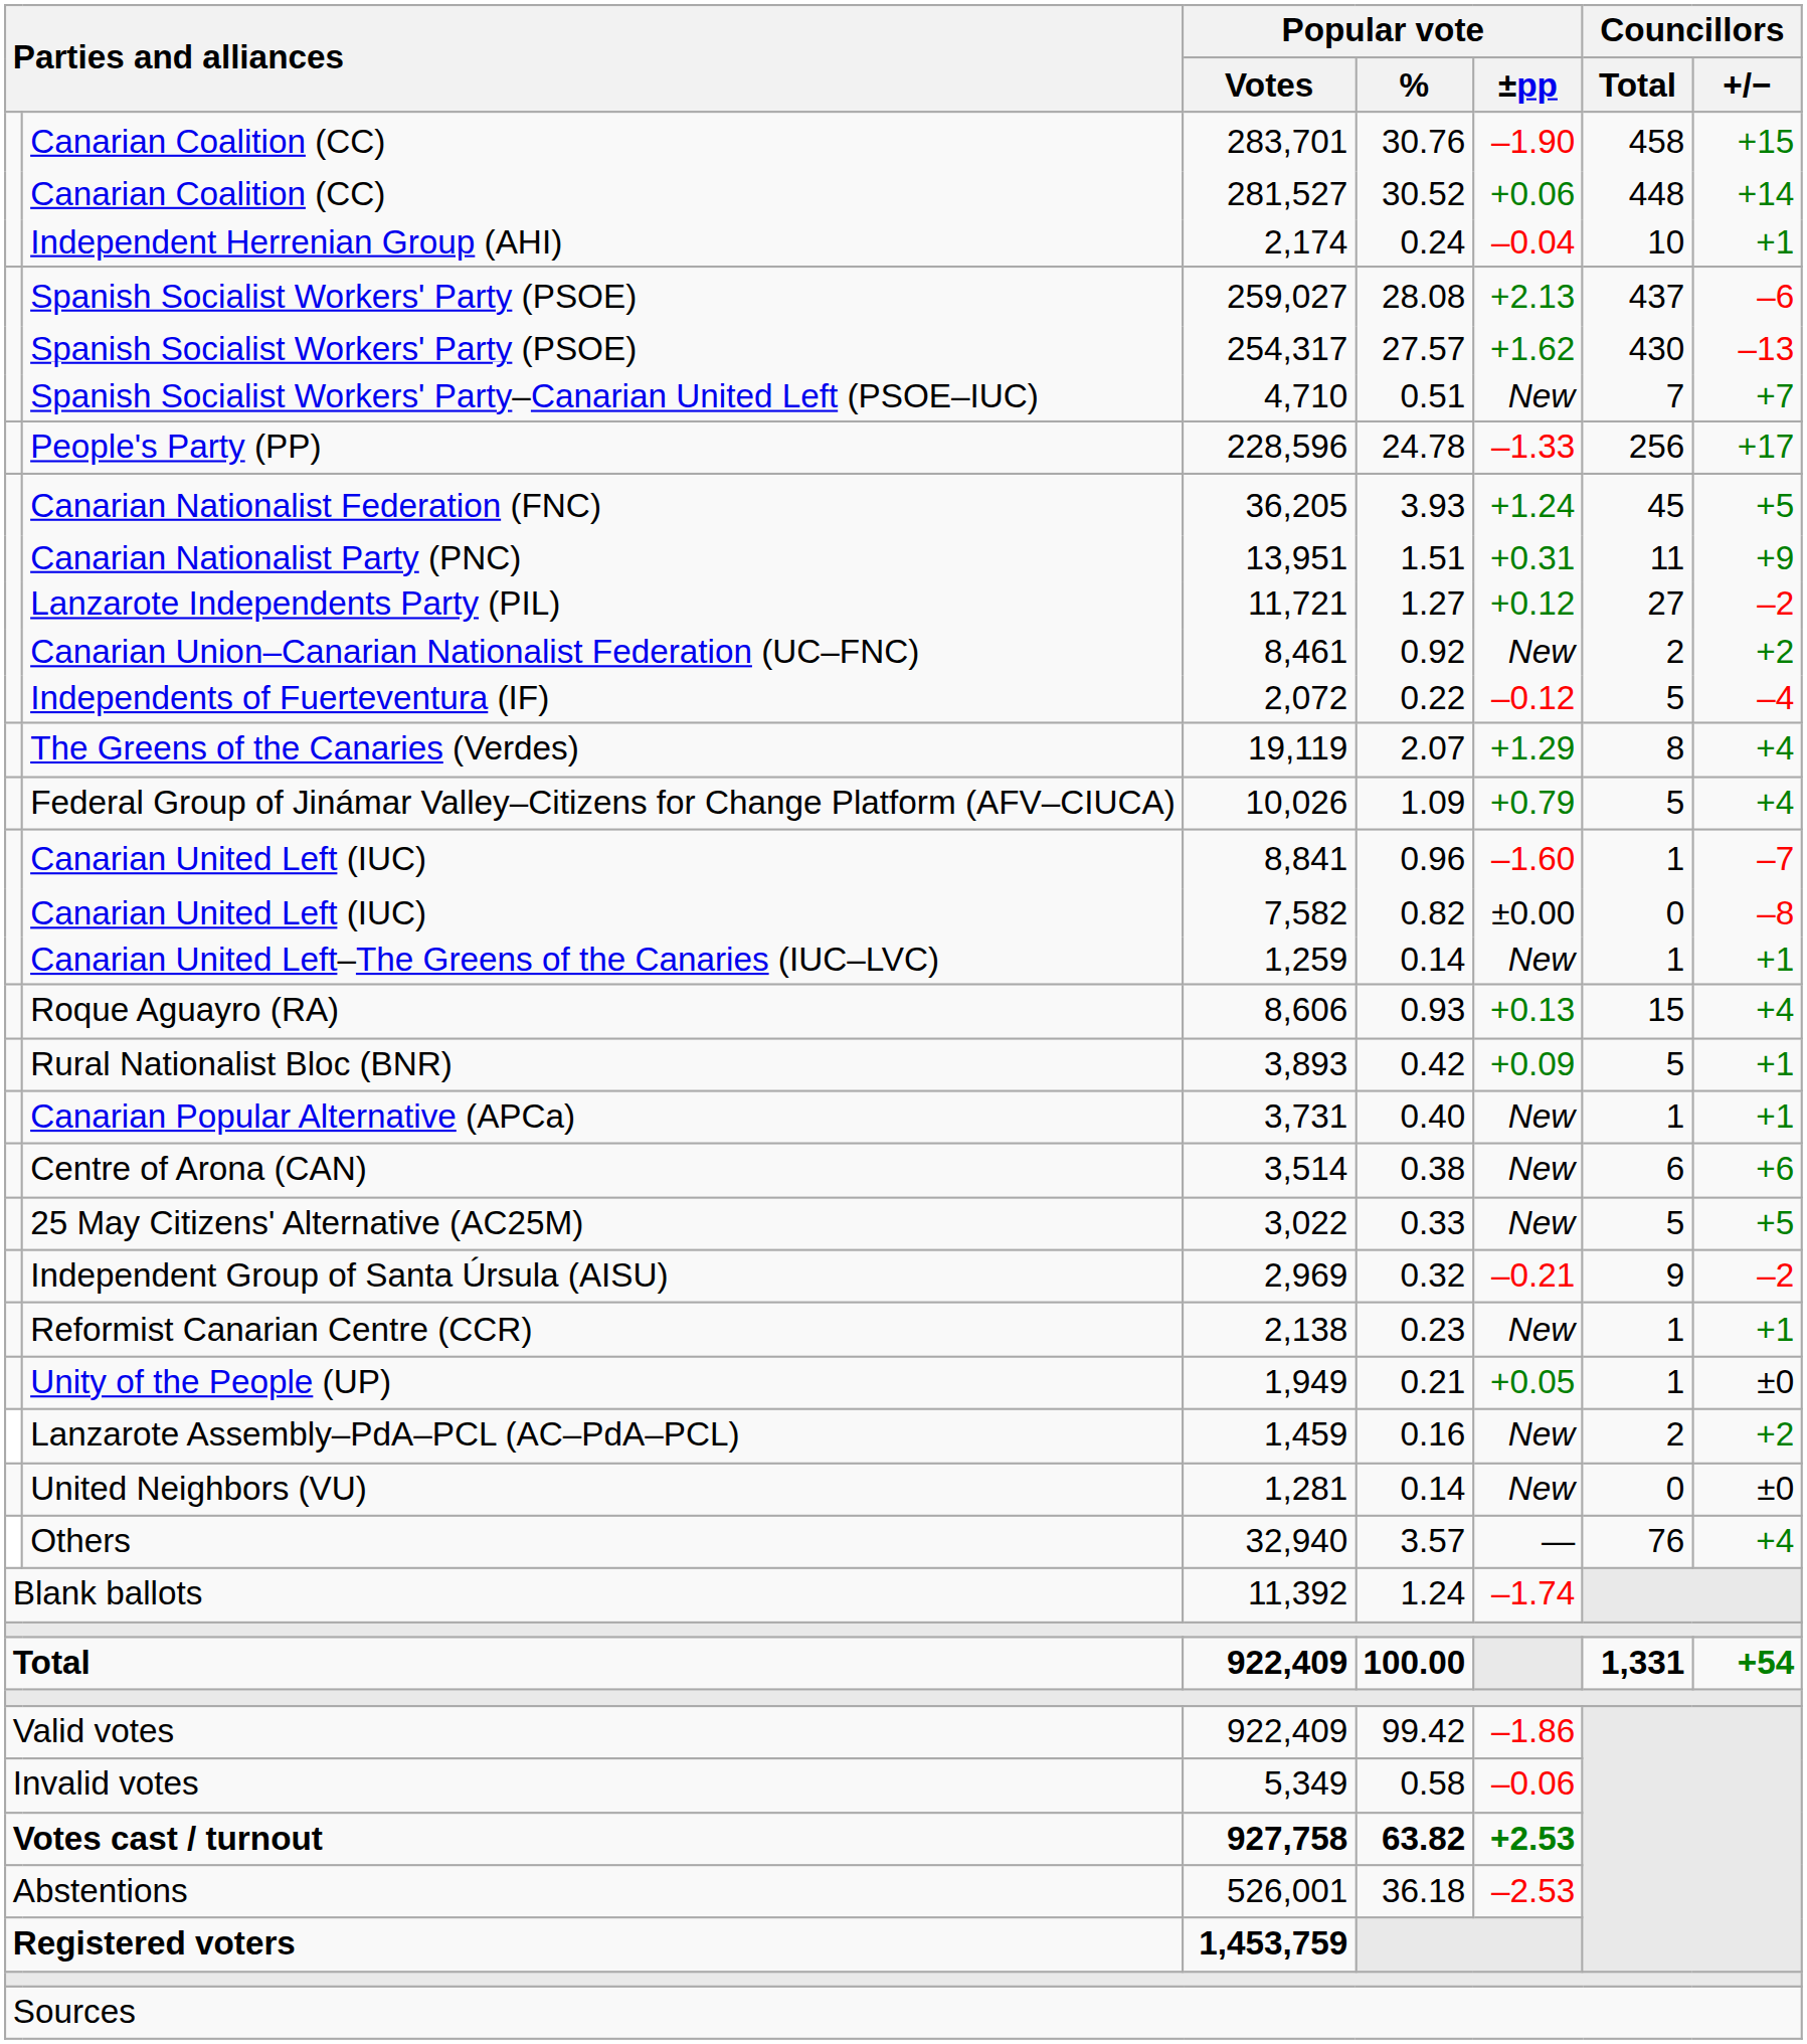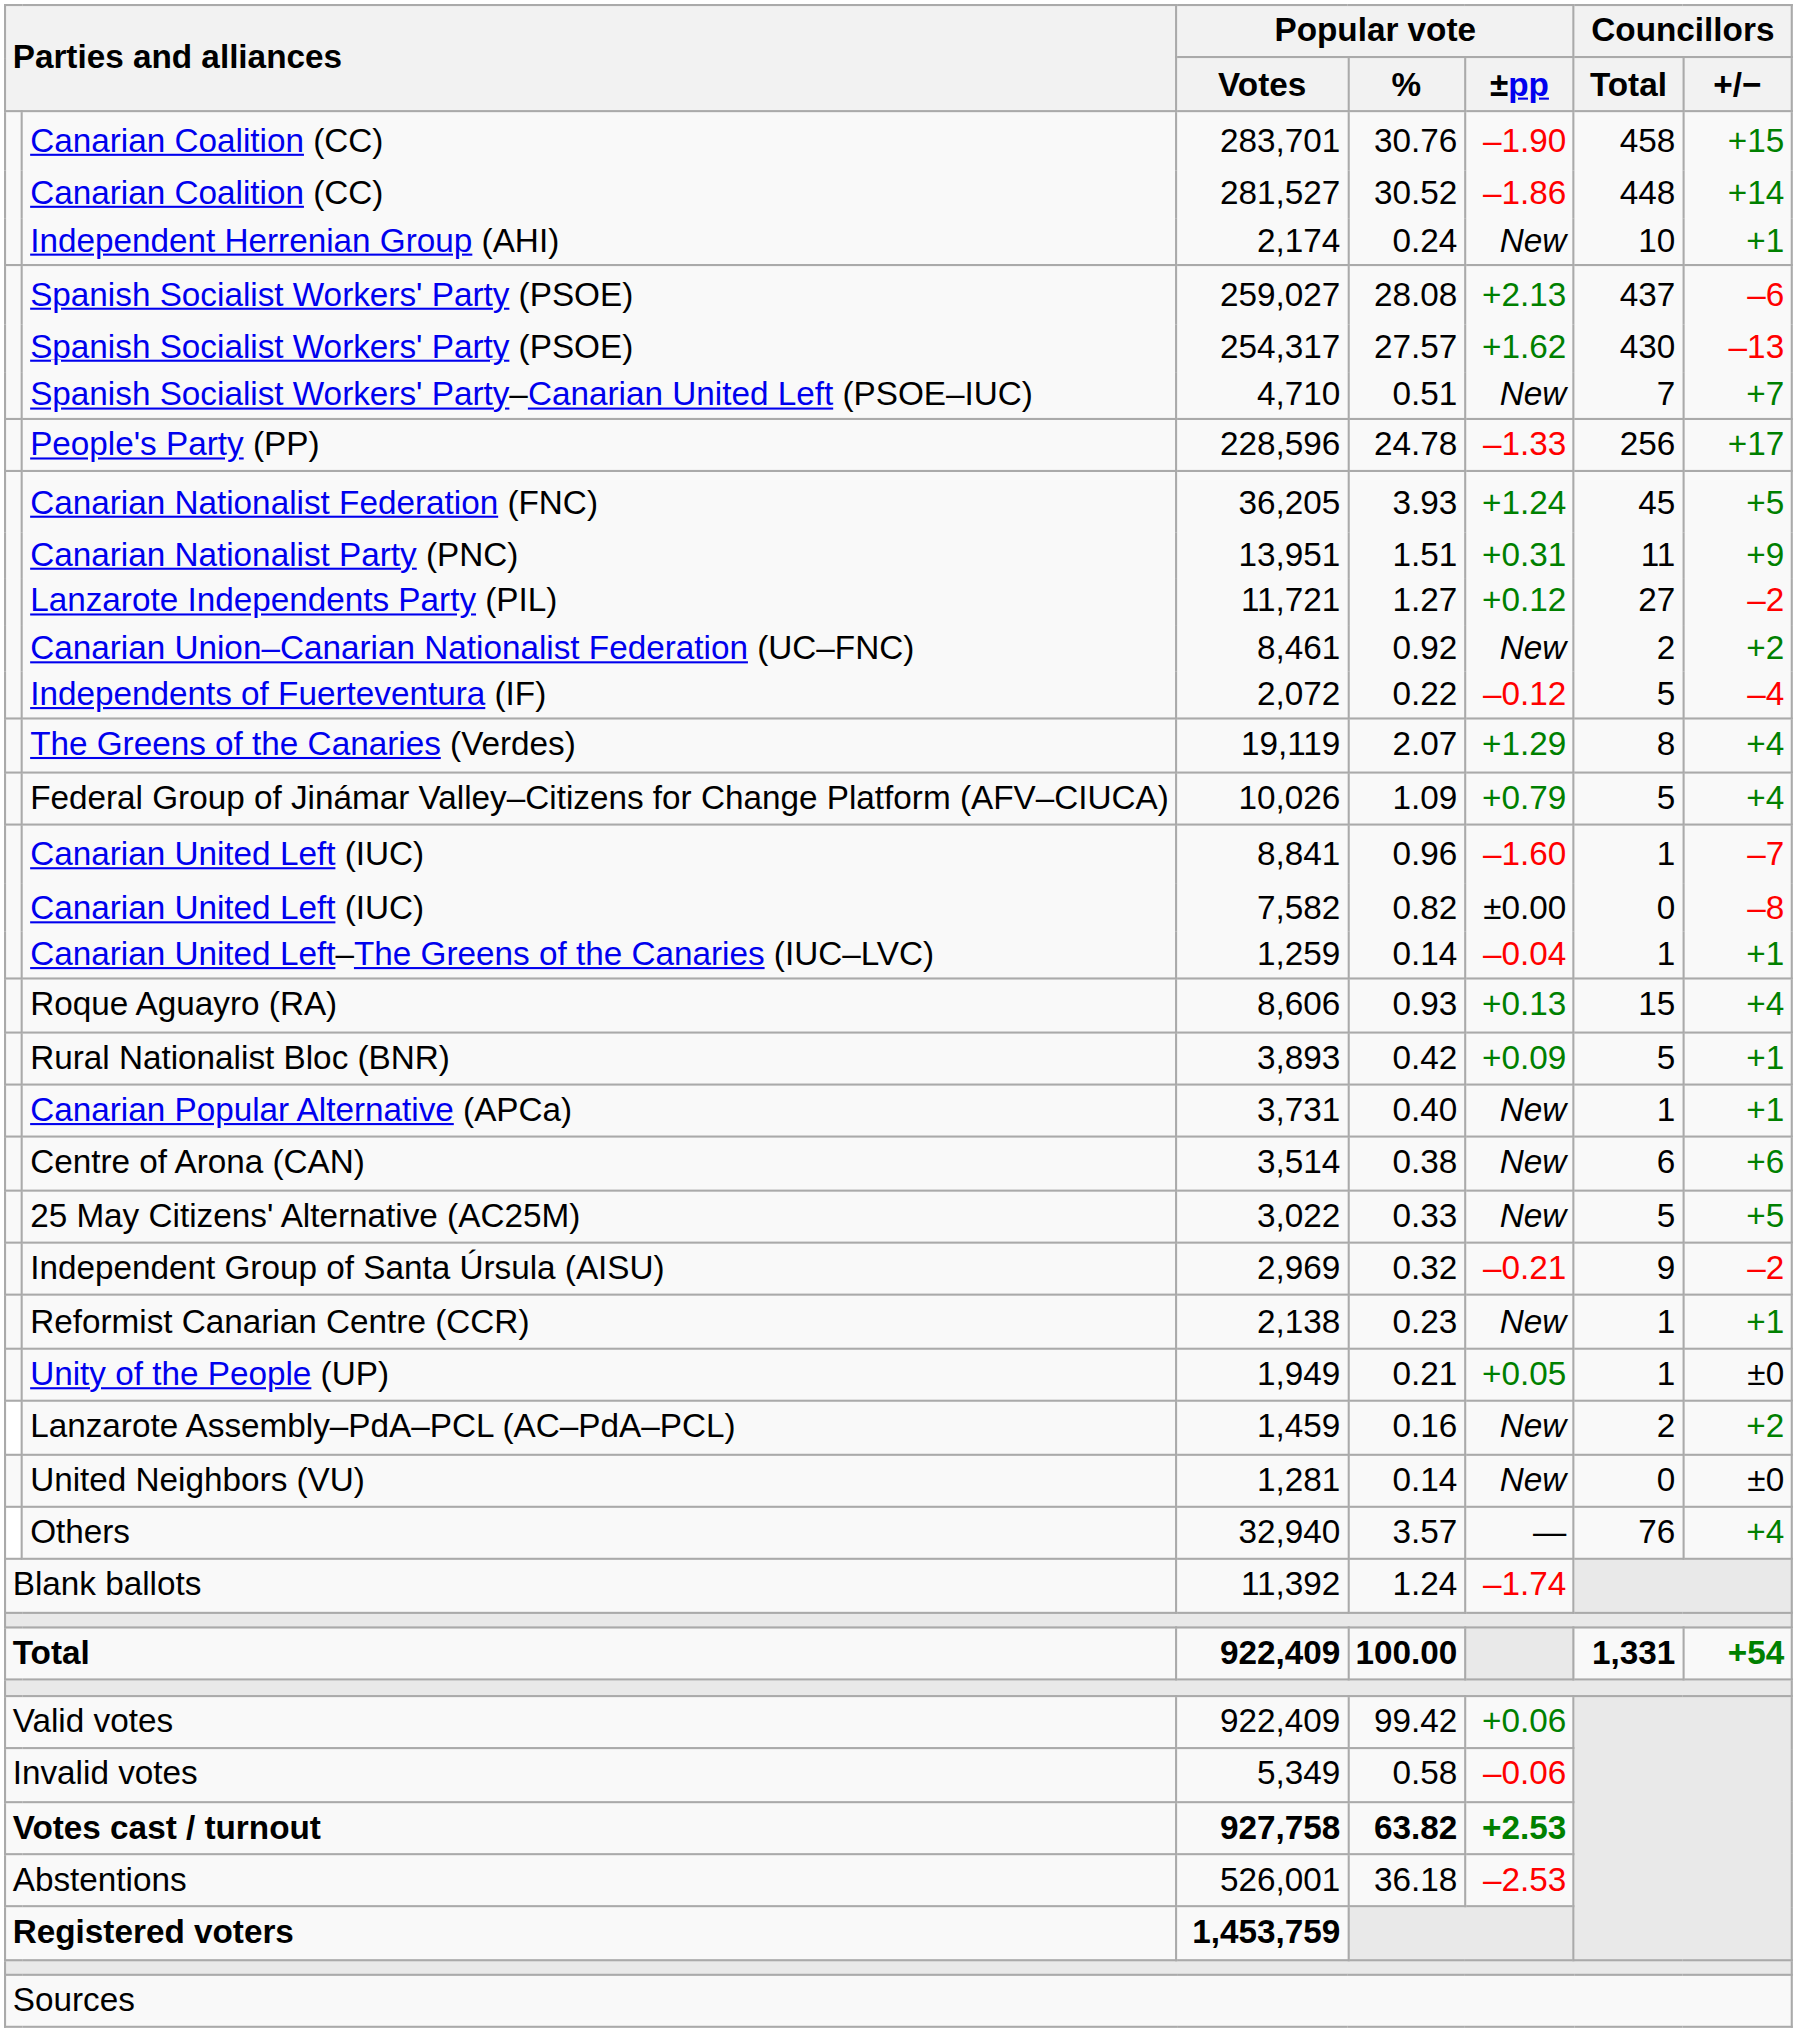 <table class="wikitable" style="text-align:right;">
 <tr>
 <th style="text-align:left;" rowspan="2" colspan="2" width="525">Parties and alliances</th>
 <th colspan="3">Popular vote</th>
 <th colspan="2">Councillors</th>
 </tr>
 <tr>
 <th width="75">Votes</th>
 <th width="45">%</th>
 <th width="45">±<a href='#'>pp</a></th>
 <th width="45">Total</th>
 <th width="45">+/−</th>
 </tr>
 <tr style="line-height:22px;">
 <td width="1" rowspan="3"></td>
 <td align="left"><a href='#'>Canarian Coalition</a> (CC)</td>
 <td>283,701</td>
 <td>30.76</td>
 <td style="color:red;">–1.90</td>
 <td>458</td>
 <td style="color:green;">+15</td>
 </tr>
 <tr style="border-bottom-style:hidden; border-top-style:hidden; line-height:16px;">
 <td align="left"><span><a href='#'>Canarian Coalition</a> (CC)</span></td>
 <td>281,527</td>
 <td>30.52</td>
-<td style="color:green;">+0.06</td>
+<td style="color:red;">–1.86</td>
 <td>448</td>
 <td style="color:green;">+14</td>
 </tr>
 <tr style="line-height:16px;">
 <td align="left"><span><a href='#'>Independent Herrenian Group</a> (AHI)</span></td>
 <td>2,174</td>
 <td>0.24</td>
-<td style="color:red;">–0.04</td>
+<td><em>New</em></td>
 <td>10</td>
 <td style="color:green;">+1</td>
 </tr>
 <tr style="line-height:22px;">
 <td rowspan="3" style="color:inherit;background:"></td>
 <td align="left"><a href='#'>Spanish Socialist Workers' Party</a> (PSOE)</td>
 <td>259,027</td>
 <td>28.08</td>
 <td style="color:green;">+2.13</td>
 <td>437</td>
 <td style="color:red;">–6</td>
 </tr>
 <tr style="border-bottom-style:hidden; border-top-style:hidden; line-height:16px;">
 <td align="left"><span><a href='#'>Spanish Socialist Workers' Party</a> (PSOE)</span></td>
 <td>254,317</td>
 <td>27.57</td>
 <td style="color:green;">+1.62</td>
 <td>430</td>
 <td style="color:red;">–13</td>
 </tr>
 <tr style="line-height:16px;">
 <td align="left"><span><a href='#'>Spanish Socialist Workers' Party</a>–<a href='#'>Canarian United Left</a> (PSOE–IUC)</span></td>
 <td>4,710</td>
 <td>0.51</td>
 <td><em>New</em></td>
 <td>7</td>
 <td style="color:green;">+7</td>
 </tr>
 <tr>
 <td style="color:inherit;background:"></td>
 <td align="left"><a href='#'>People's Party</a> (PP)</td>
 <td>228,596</td>
 <td>24.78</td>
 <td style="color:red;">–1.33</td>
 <td>256</td>
 <td style="color:green;">+17</td>
 </tr>
 <tr style="line-height:22px;">
 <td rowspan="5" style="color:inherit;background:"></td>
 <td align="left"><a href='#'>Canarian Nationalist Federation</a> (FNC)</td>
 <td>36,205</td>
 <td>3.93</td>
 <td style="color:green;">+1.24</td>
 <td>45</td>
 <td style="color:green;">+5</td>
 </tr>
 <tr style="border-bottom-style:hidden; border-top-style:hidden; line-height:16px;">
 <td align="left"><span><a href='#'>Canarian Nationalist Party</a> (PNC)</span></td>
 <td>13,951</td>
 <td>1.51</td>
 <td style="color:green;">+0.31</td>
 <td>11</td>
 <td style="color:green;">+9</td>
 </tr>
 <tr style="border-bottom-style:hidden; line-height:16px;">
 <td align="left"><span><a href='#'>Lanzarote Independents Party</a> (PIL)</span></td>
 <td>11,721</td>
 <td>1.27</td>
 <td style="color:green;">+0.12</td>
 <td>27</td>
 <td style="color:red;">–2</td>
 </tr>
 <tr style="border-bottom-style:hidden; line-height:16px;">
 <td align="left"><span><a href='#'>Canarian Union–Canarian Nationalist Federation</a> (UC–FNC)</span></td>
 <td>8,461</td>
 <td>0.92</td>
 <td><em>New</em></td>
 <td>2</td>
 <td style="color:green;">+2</td>
 </tr>
 <tr style="line-height:16px;">
 <td align="left"><span><a href='#'>Independents of Fuerteventura</a> (IF)</span></td>
 <td>2,072</td>
 <td>0.22</td>
 <td style="color:red;">–0.12</td>
 <td>5</td>
 <td style="color:red;">–4</td>
 </tr>
 <tr>
 <td style="color:inherit;background:"></td>
 <td align="left"><a href='#'>The Greens of the Canaries</a> (Verdes)</td>
 <td>19,119</td>
 <td>2.07</td>
 <td style="color:green;">+1.29</td>
 <td>8</td>
 <td style="color:green;">+4</td>
 </tr>
 <tr>
 <td style="color:inherit;background:"></td>
 <td align="left">Federal Group of Jinámar Valley–Citizens for Change Platform (AFV–CIUCA)</td>
 <td>10,026</td>
 <td>1.09</td>
 <td style="color:green;">+0.79</td>
 <td>5</td>
 <td style="color:green;">+4</td>
 </tr>
 <tr style="line-height:22px;">
 <td rowspan="3" style="color:inherit;background:"></td>
 <td align="left"><a href='#'>Canarian United Left</a> (IUC)</td>
 <td>8,841</td>
 <td>0.96</td>
 <td style="color:red;">–1.60</td>
 <td>1</td>
 <td style="color:red;">–7</td>
 </tr>
 <tr style="border-bottom-style:hidden; border-top-style:hidden; line-height:16px;">
 <td align="left"><span><a href='#'>Canarian United Left</a> (IUC)</span></td>
 <td>7,582</td>
 <td>0.82</td>
 <td>±0.00</td>
 <td>0</td>
 <td style="color:red;">–8</td>
 </tr>
 <tr style="line-height:16px;">
 <td align="left"><span><a href='#'>Canarian United Left</a>–<a href='#'>The Greens of the Canaries</a> (IUC–LVC)</span></td>
 <td>1,259</td>
 <td>0.14</td>
-<td><em>New</em></td>
+<td style="color:red;">–0.04</td>
 <td>1</td>
 <td style="color:green;">+1</td>
 </tr>
 <tr>
 <td style="color:inherit;background:"></td>
 <td align="left">Roque Aguayro (RA)</td>
 <td>8,606</td>
 <td>0.93</td>
 <td style="color:green;">+0.13</td>
 <td>15</td>
 <td style="color:green;">+4</td>
 </tr>
 <tr>
 <td style="color:inherit;background:"></td>
 <td align="left">Rural Nationalist Bloc (BNR)</td>
 <td>3,893</td>
 <td>0.42</td>
 <td style="color:green;">+0.09</td>
 <td>5</td>
 <td style="color:green;">+1</td>
 </tr>
 <tr>
 <td style="color:inherit;background:"></td>
 <td align="left"><a href='#'>Canarian Popular Alternative</a> (APCa)</td>
 <td>3,731</td>
 <td>0.40</td>
 <td><em>New</em></td>
 <td>1</td>
 <td style="color:green;">+1</td>
 </tr>
 <tr>
 <td style="color:inherit;background:"></td>
 <td align="left">Centre of Arona (CAN)</td>
 <td>3,514</td>
 <td>0.38</td>
 <td><em>New</em></td>
 <td>6</td>
 <td style="color:green;">+6</td>
 </tr>
 <tr>
 <td style="color:inherit;background:"></td>
 <td align="left">25 May Citizens' Alternative (AC25M)</td>
 <td>3,022</td>
 <td>0.33</td>
 <td><em>New</em></td>
 <td>5</td>
 <td style="color:green;">+5</td>
 </tr>
 <tr>
 <td style="color:inherit;background:"></td>
 <td align="left">Independent Group of Santa Úrsula (AISU)</td>
 <td>2,969</td>
 <td>0.32</td>
 <td style="color:red;">–0.21</td>
 <td>9</td>
 <td style="color:red;">–2</td>
 </tr>
 <tr>
 <td style="color:inherit;background:"></td>
 <td align="left">Reformist Canarian Centre (CCR)</td>
 <td>2,138</td>
 <td>0.23</td>
 <td><em>New</em></td>
 <td>1</td>
 <td style="color:green;">+1</td>
 </tr>
 <tr>
 <td style="color:inherit;background:"></td>
 <td align="left"><a href='#'>Unity of the People</a> (UP)</td>
 <td>1,949</td>
 <td>0.21</td>
 <td style="color:green;">+0.05</td>
 <td>1</td>
 <td>±0</td>
 </tr>
 <tr>
 <td bgcolor="white"></td>
 <td align="left">Lanzarote Assembly–PdA–PCL (AC–PdA–PCL)</td>
 <td>1,459</td>
 <td>0.16</td>
 <td><em>New</em></td>
 <td>2</td>
 <td style="color:green;">+2</td>
 </tr>
 <tr>
 <td style="color:inherit;background:"></td>
 <td align="left">United Neighbors (VU)</td>
 <td>1,281</td>
 <td>0.14</td>
 <td><em>New</em></td>
 <td>0</td>
 <td>±0</td>
 </tr>
 <tr>
 <td bgcolor="white"></td>
 <td align="left">Others</td>
 <td>32,940</td>
 <td>3.57</td>
 <td>—</td>
 <td>76</td>
 <td style="color:green;">+4</td>
 </tr>
 <tr>
 <td align="left" colspan="2">Blank ballots</td>
 <td>11,392</td>
 <td>1.24</td>
 <td style="color:red;">–1.74</td>
 <td style="color:inherit;background:#E9E9E9" colspan="2"></td>
 </tr>
 <tr>
 <td colspan="7" style="color:inherit;background:#E9E9E9"></td>
 </tr>
 <tr style="font-weight:bold;">
 <td align="left" colspan="2">Total</td>
 <td>922,409</td>
 <td>100.00</td>
 <td bgcolor="#E9E9E9"></td>
 <td>1,331</td>
 <td style="color:green;">+54</td>
 </tr>
 <tr>
 <td colspan="7" style="color:inherit;background:#E9E9E9"></td>
 </tr>
 <tr>
 <td align="left" colspan="2">Valid votes</td>
 <td>922,409</td>
 <td>99.42</td>
-<td style="color:red;">–1.86</td>
+<td style="color:green;">+0.06</td>
 <td bgcolor="#E9E9E9" colspan="2" rowspan="5"></td>
 </tr>
 <tr>
 <td align="left" colspan="2">Invalid votes</td>
 <td>5,349</td>
 <td>0.58</td>
 <td style="color:red;">–0.06</td>
 </tr>
 <tr style="font-weight:bold;">
 <td align="left" colspan="2">Votes cast / turnout</td>
 <td>927,758</td>
 <td>63.82</td>
 <td style="color:green;">+2.53</td>
 </tr>
 <tr>
 <td align="left" colspan="2">Abstentions</td>
 <td>526,001</td>
 <td>36.18</td>
 <td style="color:red;">–2.53</td>
 </tr>
 <tr style="font-weight:bold;">
 <td align="left" colspan="2">Registered voters</td>
 <td>1,453,759</td>
 <td bgcolor="#E9E9E9" colspan="2"></td>
 </tr>
 <tr>
 <td colspan="7" style="color:inherit;background:#E9E9E9"></td>
 </tr>
 <tr>
 <td align="left" colspan="7">Sources</td>
 </tr>
 </table>
